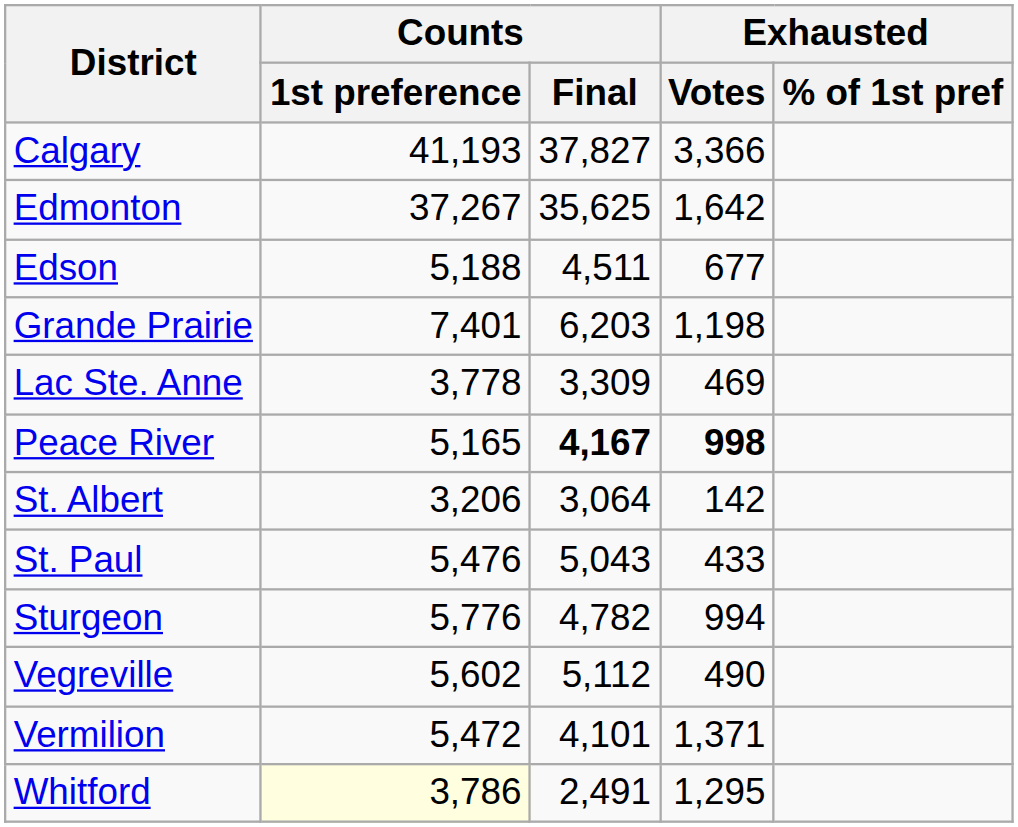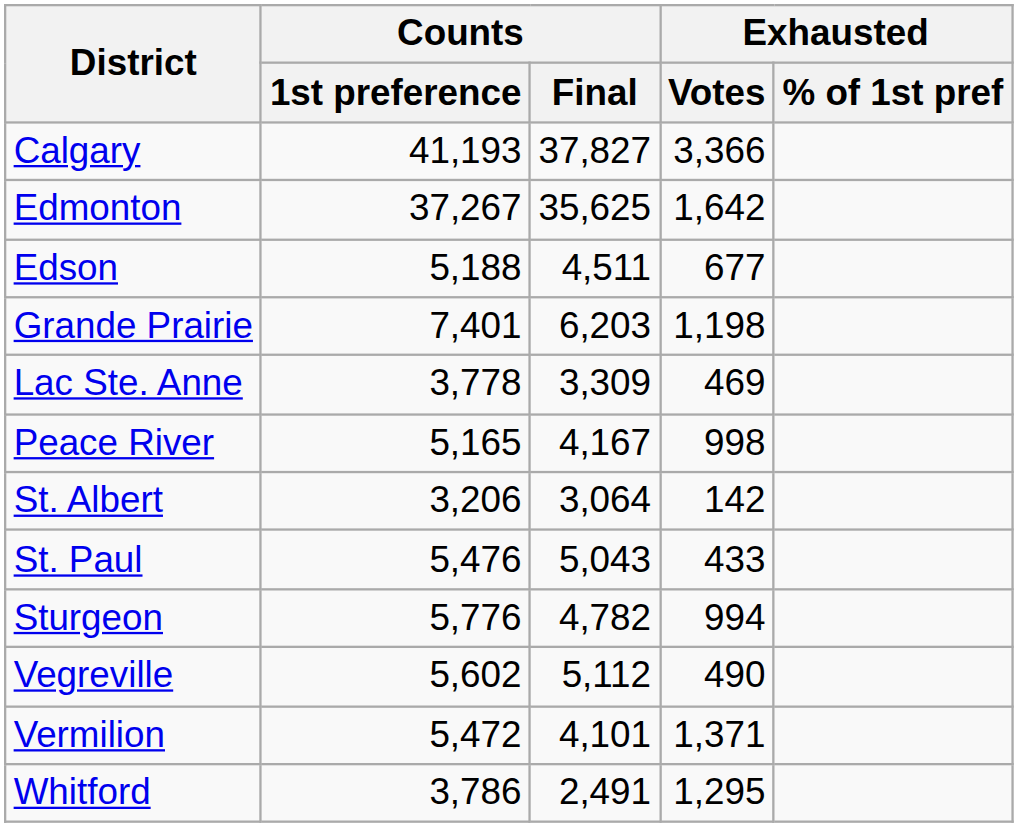 <table class="wikitable" style="text-align:right;">
 <tr>
 <th rowspan="2">District</th>
 <th colspan="2">Counts</th>
 <th colspan="3">Exhausted</th>
 </tr>
 <tr>
 <th>1st preference</th>
 <th>Final</th>
 <th>Votes</th>
 <th colspan="2">% of 1st pref</th>
 </tr>
 <tr>
 <td style="text-align:left;"><a href='#'>Calgary</a></td>
 <td>41,193</td>
 <td>37,827</td>
 <td>3,366</td>
 <td></td>
 </tr>
 <tr>
 <td style="text-align:left;"><a href='#'>Edmonton</a></td>
 <td>37,267</td>
 <td>35,625</td>
 <td>1,642</td>
 <td></td>
 </tr>
 <tr>
 <td style="text-align:left;"><a href='#'>Edson</a></td>
 <td>5,188</td>
 <td>4,511</td>
 <td>677</td>
 <td></td>
 </tr>
 <tr>
 <td style="text-align:left;"><a href='#'>Grande Prairie</a></td>
 <td>7,401</td>
 <td>6,203</td>
 <td>1,198</td>
 <td></td>
 </tr>
 <tr>
 <td style="text-align:left;"><a href='#'>Lac Ste. Anne</a></td>
 <td>3,778</td>
 <td>3,309</td>
 <td>469</td>
 <td></td>
 </tr>
 <tr>
 <td style="text-align:left;"><a href='#'>Peace River</a></td>
 <td>5,165</td>
-<td><strong>4,167</strong></td>
-<td><strong>998</strong></td>
+<td>4,167</td>
+<td>998</td>
 <td></td>
 </tr>
 <tr>
 <td style="text-align:left;"><a href='#'>St. Albert</a></td>
 <td>3,206</td>
 <td>3,064</td>
 <td>142</td>
 <td></td>
 </tr>
 <tr>
 <td style="text-align:left;"><a href='#'>St. Paul</a></td>
 <td>5,476</td>
 <td>5,043</td>
 <td>433</td>
 <td></td>
 </tr>
 <tr>
 <td style="text-align:left;"><a href='#'>Sturgeon</a></td>
 <td>5,776</td>
 <td>4,782</td>
 <td>994</td>
 <td></td>
 </tr>
 <tr>
 <td style="text-align:left;"><a href='#'>Vegreville</a></td>
 <td>5,602</td>
 <td>5,112</td>
 <td>490</td>
 <td></td>
 </tr>
 <tr>
 <td style="text-align:left;"><a href='#'>Vermilion</a></td>
 <td>5,472</td>
 <td>4,101</td>
 <td>1,371</td>
 <td></td>
 </tr>
 <tr>
 <td style="text-align:left;"><a href='#'>Whitford</a></td>
-<td style="background: lightyellow;">3,786</td>
+<td>3,786</td>
 <td>2,491</td>
 <td>1,295</td>
 <td></td>
 </tr>
 </table>
